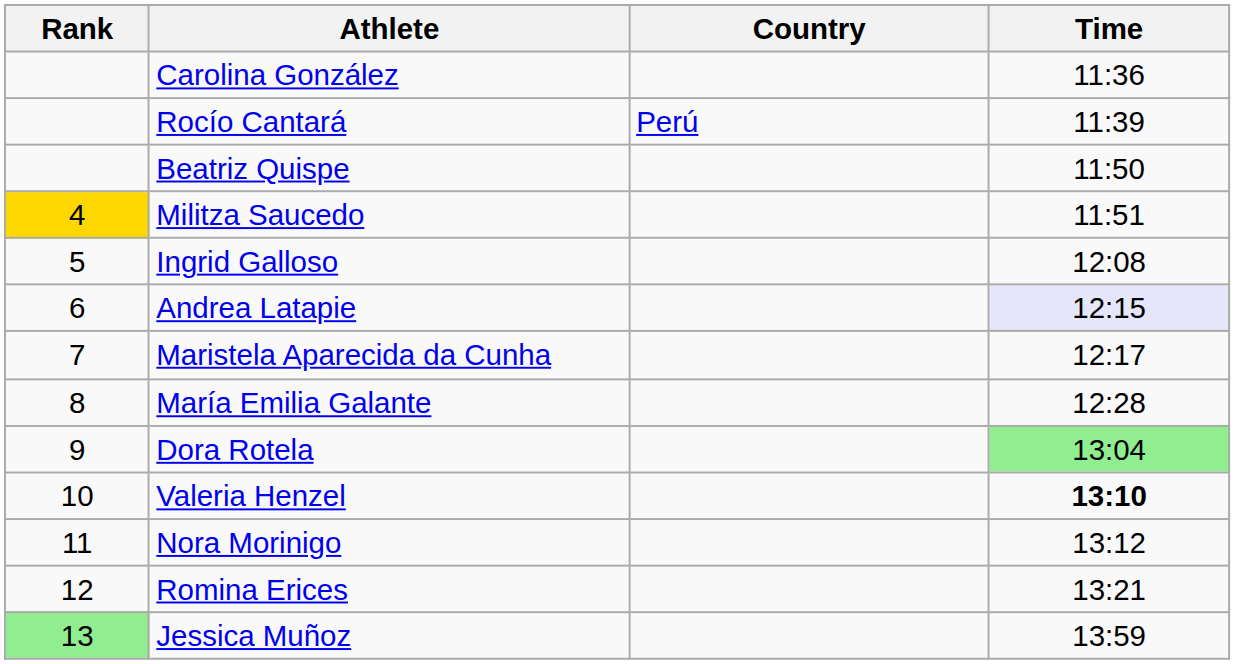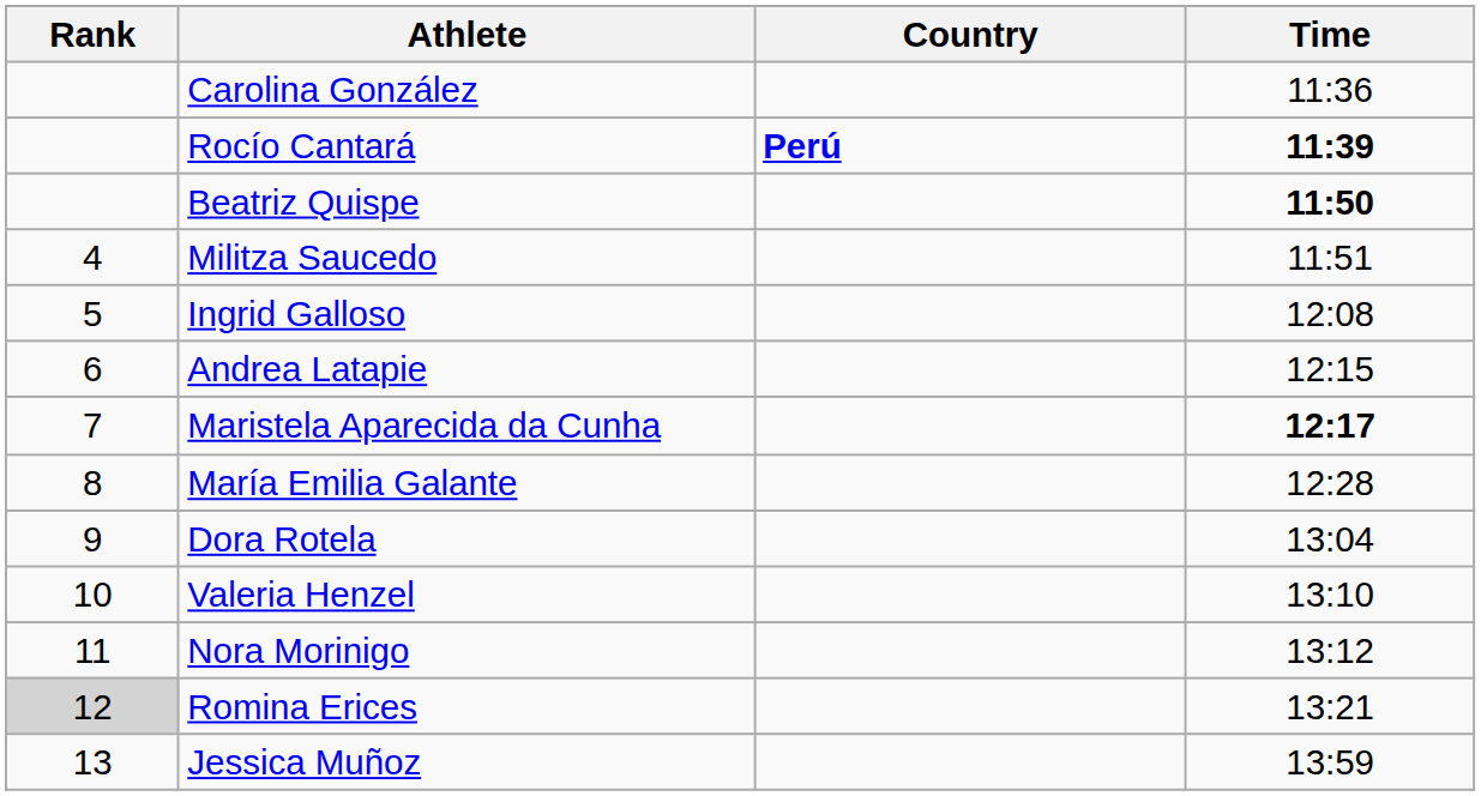 <table class="wikitable sortable" style=" text-align:center; font-size:95%;" width="50%">
 <tr>
 </tr>
 <tr>
 <th width=5%>Rank</th>
 <th width=20%>Athlete</th>
 <th width=15%>Country</th>
 <th width=10%>Time</th>
 </tr>
 <tr>
 <td align=center></td>
 <td align=left><a href='#'>Carolina González</a></td>
 <td align=left></td>
 <td>11:36</td>
 </tr>
 <tr>
 <td align=center></td>
 <td align=left><a href='#'>Rocío Cantará</a></td>
-<td align=left> <a href='#'>Perú</a></td>
-<td>11:39</td>
+<td align=left><strong> <a href='#'>Perú</a></strong></td>
+<td><strong>11:39</strong></td>
 </tr>
 <tr>
 <td align=center></td>
 <td align=left><a href='#'>Beatriz Quispe</a></td>
 <td align=left></td>
-<td>11:50</td>
+<td><strong>11:50</strong></td>
 </tr>
 <tr>
-<td align=center style="background: gold;">4</td>
+<td align=center>4</td>
 <td align=left><a href='#'>Militza Saucedo</a></td>
 <td align=left></td>
 <td>11:51</td>
 </tr>
 <tr>
 <td align=center>5</td>
 <td align=left><a href='#'>Ingrid Galloso</a></td>
 <td align=left></td>
 <td>12:08</td>
 </tr>
 <tr>
 <td align=center>6</td>
 <td align=left><a href='#'>Andrea Latapie</a></td>
 <td align=left></td>
-<td style="background: lavender;">12:15</td>
+<td>12:15</td>
 </tr>
 <tr>
 <td align=center>7</td>
 <td align=left><a href='#'>Maristela Aparecida da Cunha</a></td>
 <td align=left></td>
-<td>12:17</td>
+<td><strong>12:17</strong></td>
 </tr>
 <tr>
 <td align=center>8</td>
 <td align=left><a href='#'>María Emilia Galante</a></td>
 <td align=left></td>
 <td>12:28</td>
 </tr>
 <tr>
 <td align=center>9</td>
 <td align=left><a href='#'>Dora Rotela</a></td>
 <td align=left></td>
-<td style="background: lightgreen;">13:04</td>
+<td>13:04</td>
 </tr>
 <tr>
 <td align=center>10</td>
 <td align=left><a href='#'>Valeria Henzel</a></td>
 <td align=left></td>
-<td><strong>13:10</strong></td>
+<td>13:10</td>
 </tr>
 <tr>
 <td align=center>11</td>
 <td align=left><a href='#'>Nora Morinigo</a></td>
 <td align=left></td>
 <td>13:12</td>
 </tr>
 <tr>
-<td align=center>12</td>
+<td align=center style="background: lightgrey;">12</td>
 <td align=left><a href='#'>Romina Erices</a></td>
 <td align=left></td>
 <td>13:21</td>
 </tr>
 <tr>
-<td align=center style="background: lightgreen;">13</td>
+<td align=center>13</td>
 <td align=left><a href='#'>Jessica Muñoz</a></td>
 <td align=left></td>
 <td>13:59</td>
 </tr>
 </table>
